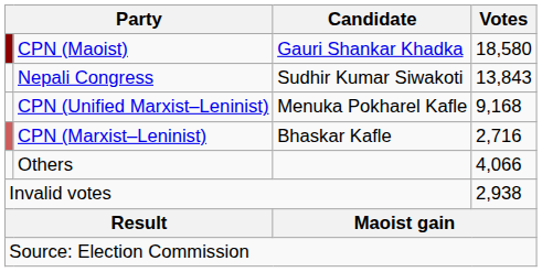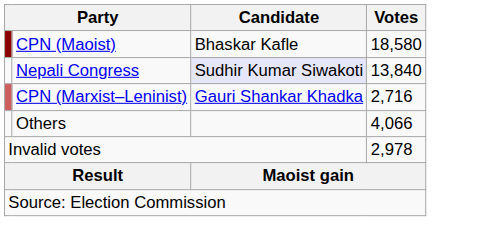 <table class="wikitable">
 <tr>
 <th colspan="2">Party</th>
 <th>Candidate</th>
 <th>Votes</th>
 </tr>
 <tr>
 <td style="background-color:darkred"></td>
 <td><a href='#'>CPN (Maoist)</a></td>
-<td><a href='#'>Gauri Shankar Khadka</a></td>
+<td>Bhaskar Kafle</td>
 <td>18,580</td>
 </tr>
 <tr>
 <td style="background-color:"></td>
 <td><a href='#'>Nepali Congress</a></td>
-<td>Sudhir Kumar Siwakoti</td>
-<td>13,843</td>
-</tr>
-<tr>
-<td style="background-color:"></td>
-<td><a href='#'>CPN (Unified Marxist–Leninist)</a></td>
-<td>Menuka Pokharel Kafle</td>
-<td>9,168</td>
+<td style="background: lavender;">Sudhir Kumar Siwakoti</td>
+<td>13,840</td>
 </tr>
 <tr>
 <td style="background-color:indianred"></td>
 <td><a href='#'>CPN (Marxist–Leninist)</a></td>
-<td>Bhaskar Kafle</td>
+<td><a href='#'>Gauri Shankar Khadka</a></td>
 <td>2,716</td>
 </tr>
 <tr>
 <td></td>
 <td>Others</td>
 <td></td>
 <td>4,066</td>
 </tr>
 <tr>
 <td colspan="3">Invalid votes</td>
-<td>2,938</td>
+<td>2,978</td>
 </tr>
 <tr>
 <th colspan="2">Result</th>
 <th colspan="2">Maoist gain</th>
 </tr>
 <tr>
 <td colspan="4">Source: Election Commission</td>
 </tr>
 </table>
